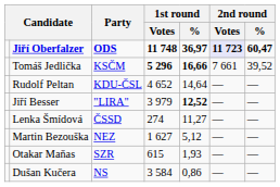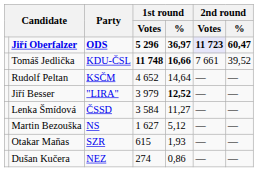 <table class="wikitable sortable">
 <tr>
 <th colspan="2" rowspan="2">Candidate</th>
 <th rowspan="2">Party</th>
 <th colspan="2">1st round</th>
 <th colspan="2">2nd round</th>
 </tr>
 <tr>
 <th>Votes</th>
 <th>%</th>
 <th>Votes</th>
 <th>%</th>
 </tr>
 <tr>
 <td style="background-color:"></td>
 <td><strong><a href='#'>Jiří Oberfalzer</a></strong></td>
 <td><a href='#'><strong>ODS</strong></a></td>
-<td><strong>11 748</strong></td>
+<td><strong>5 296</strong></td>
 <td><strong>36,97</strong></td>
 <td style="background: lavender;"><strong>11 723</strong></td>
 <td><strong>60,47</strong></td>
 </tr>
 <tr>
 <td style="background-color:"></td>
 <td>Tomáš Jedlička</td>
-<td><a href='#'>KSČM</a></td>
-<td><strong>5 296</strong></td>
+<td><a href='#'>KDU-ČSL</a></td>
+<td><strong>11 748</strong></td>
 <td><strong>16,66</strong></td>
 <td>7 661</td>
 <td>39,52</td>
 </tr>
 <tr>
 <td style="background-color:"></td>
 <td>Rudolf Peltan</td>
-<td><a href='#'>KDU-ČSL</a></td>
+<td><a href='#'>KSČM</a></td>
 <td>4 652</td>
 <td>14,64</td>
 <td>—</td>
 <td>—</td>
 </tr>
 <tr>
 <td style="background-color:"></td>
 <td>Jiří Besser</td>
 <td><a href='#'>"LIRA"</a></td>
 <td>3 979</td>
 <td><strong>12,52</strong></td>
 <td>—</td>
 <td>—</td>
 </tr>
 <tr>
 <td style="background-color:"></td>
 <td>Lenka Šmídová</td>
 <td><a href='#'>ČSSD</a></td>
-<td>274</td>
+<td>3 584</td>
 <td>11,27</td>
 <td>—</td>
 <td>—</td>
 </tr>
 <tr>
 <td style="background-color:"></td>
 <td>Martin Bezouška</td>
-<td><a href='#'>NEZ</a></td>
+<td><a href='#'>NS</a></td>
 <td>1 627</td>
 <td>5,12</td>
 <td>—</td>
 <td>—</td>
 </tr>
 <tr>
 <td style="background-color:"></td>
 <td>Otakar Maňas</td>
 <td><a href='#'>SZR</a></td>
 <td>615</td>
 <td>1,93</td>
 <td>—</td>
 <td>—</td>
 </tr>
 <tr>
 <td style="background-color:"></td>
 <td>Dušan Kučera</td>
-<td><a href='#'>NS</a></td>
-<td>3 584</td>
+<td><a href='#'>NEZ</a></td>
+<td>274</td>
 <td>0,86</td>
 <td>—</td>
 <td>—</td>
 </tr>
 </table>
